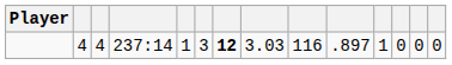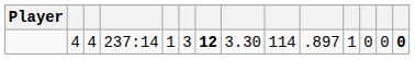 <table class="wikitable sortable" style="text-align:center;">
 <tr>
 <th>Player</th>
 <th></th>
 <th></th>
 <th></th>
 <th></th>
 <th></th>
 <th></th>
 <th></th>
 <th></th>
 <th></th>
 <th></th>
 <th></th>
 <th></th>
 <th></th>
 </tr>
 <tr>
 <td></td>
 <td>4</td>
 <td>4</td>
 <td>237:14</td>
 <td>1</td>
 <td>3</td>
 <td><strong>12</strong></td>
-<td>3.03</td>
-<td>116</td>
+<td>3.30</td>
+<td>114</td>
 <td>.897</td>
 <td>1</td>
 <td>0</td>
 <td>0</td>
-<td>0</td>
+<td><strong>0</strong></td>
 </tr>
 </table>
